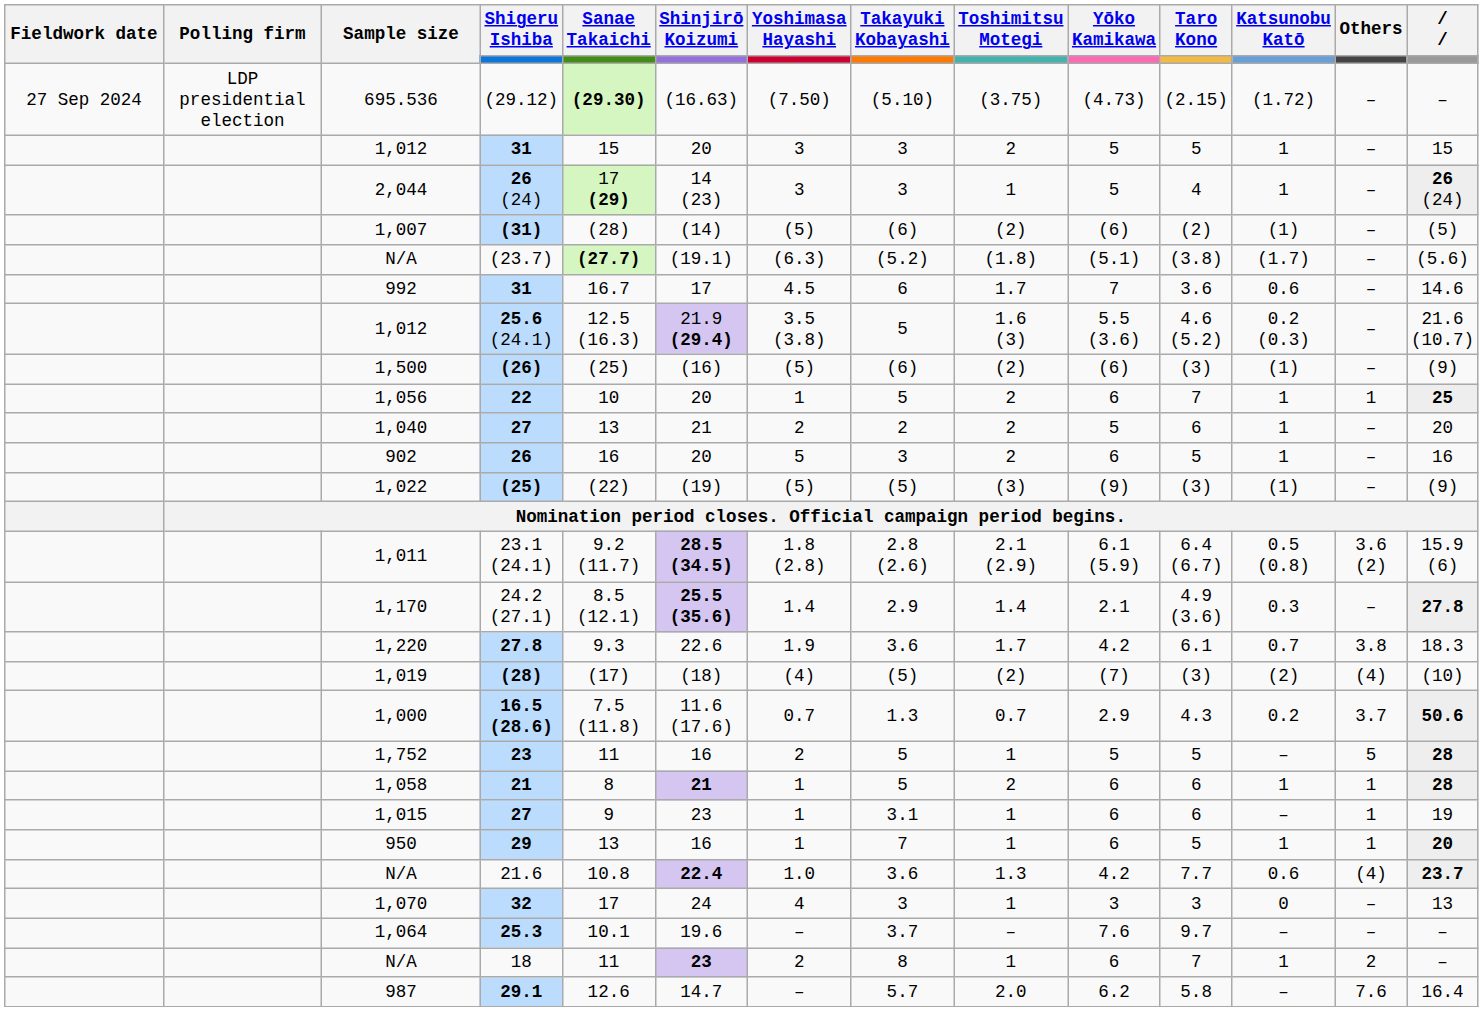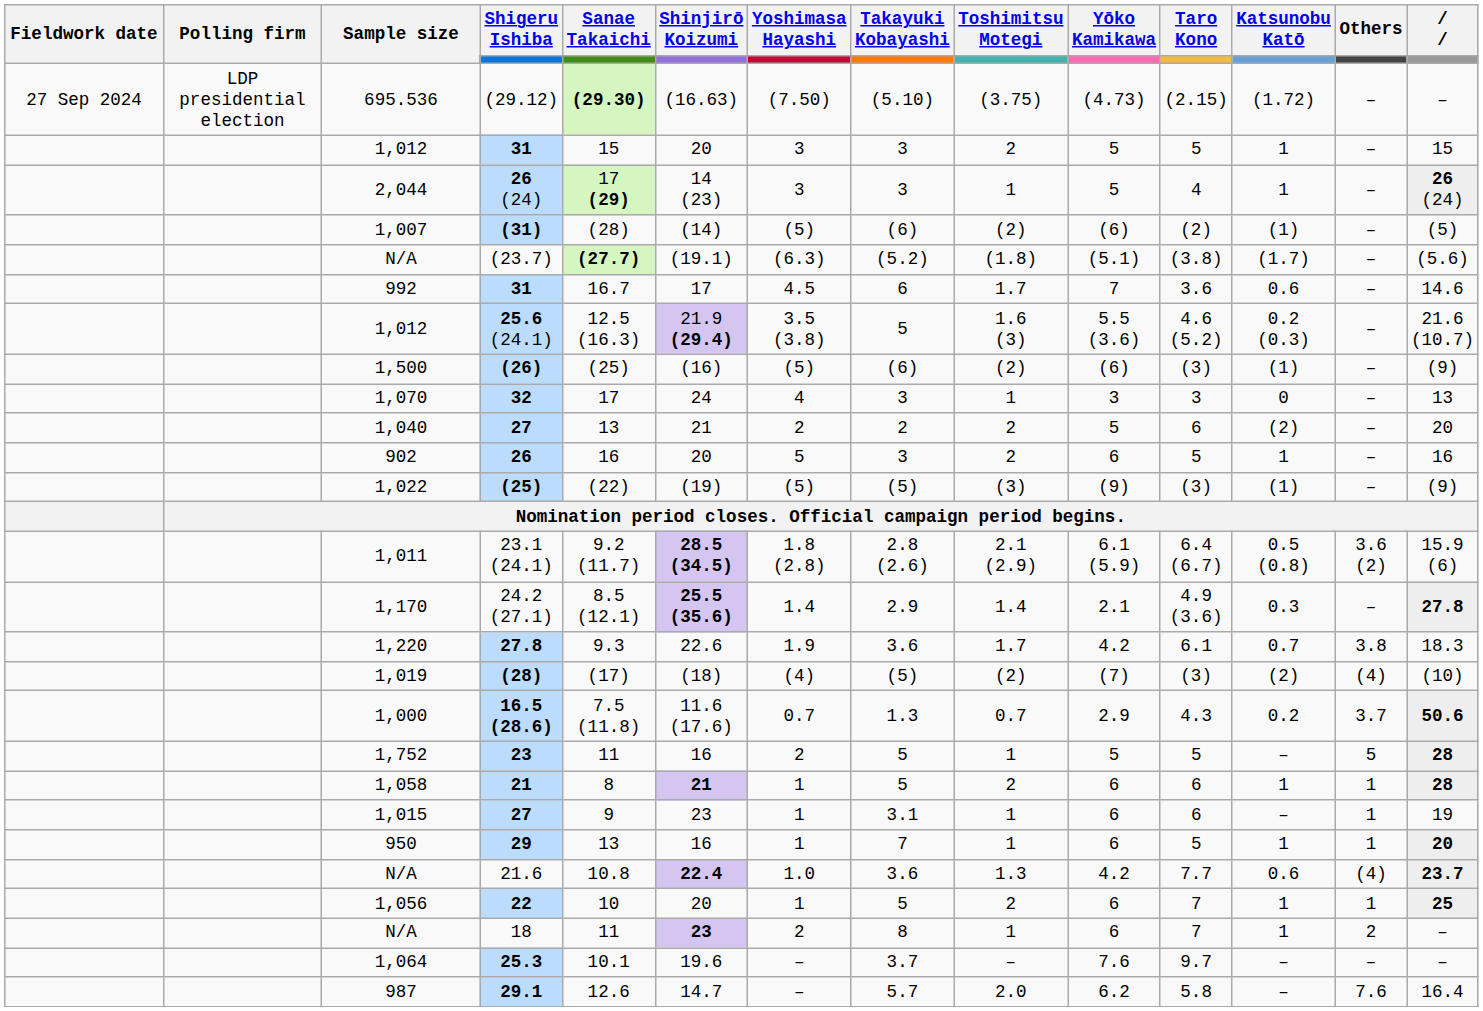 <table class="wikitable mw-datatable sortable mw-collapsible" style="text-align:center;font-size:90%;line-height:14px;">
 <tr>
 <th rowspan="2" class="unsortable" width="100px">Fieldwork date</th>
 <th rowspan="2" class="unsortable" width="100px">Polling firm</th>
 <th rowspan="2" class="unsortable" width="100px">Sample size</th>
 <th class="unsortable"><a href='#'>Shigeru<br>Ishiba</a></th>
 <th class="unsortable"><a href='#'>Sanae<br>Takaichi</a></th>
 <th class="unsortable"><a href='#'>Shinjirō<br>Koizumi</a></th>
 <th class="unsortable"><a href='#'>Yoshimasa<br>Hayashi</a></th>
 <th class="unsortable"><a href='#'>Takayuki<br>Kobayashi</a></th>
 <th class="unsortable"><a href='#'>Toshimitsu<br>Motegi</a></th>
 <th class="unsortable"><a href='#'>Yōko<br>Kamikawa</a></th>
 <th class="unsortable"><a href='#'>Taro<br>Kono</a></th>
 <th class="unsortable"><a href='#'>Katsunobu<br>Katō</a></th>
 <th width="40px" class="unsortable">Others</th>
 <th width="40px" class="unsortable">/<br>/</th>
 </tr>
 <tr>
 <th style="background:#0b75d9"></th>
 <th style="background:#438C15"></th>
 <th style="background:#9370DB"></th>
 <th style="background:#CC0033"></th>
 <th style="background:#FF7900"></th>
 <th style="background:#43b3ae"></th>
 <th style="background:#FF69B4"></th>
 <th style="background:#F2BA42"></th>
 <th style="background:#679fd7"></th>
 <th style="background:#444444"></th>
 <th style="background:#999999"></th>
 </tr>
 <tr>
 <td style="background:">27 Sep 2024</td>
 <td style="background:">LDP presidential election</td>
 <td style="background:">695.536</td>
 <td style="background:">(29.12)</td>
 <td style="background:#d5f6c1"><strong>(29.30)</strong></td>
 <td style="background:">(16.63)</td>
 <td style="background:">(7.50)</td>
 <td style="background:">(5.10)</td>
 <td style="background:">(3.75)</td>
 <td style="background:">(4.73)</td>
 <td style="background:">(2.15)</td>
 <td style="background:">(1.72)</td>
 <td style="background:">–</td>
 <td style="background:">–</td>
 </tr>
 <tr>
 <td></td>
 <td></td>
 <td>1,012</td>
 <td style="background:#bbdcfc"><strong>31</strong></td>
 <td>15</td>
 <td>20</td>
 <td>3</td>
 <td>3</td>
 <td>2</td>
 <td>5</td>
 <td>5</td>
 <td>1</td>
 <td>–</td>
 <td>15</td>
 </tr>
 <tr>
 <td></td>
 <td></td>
 <td>2,044</td>
 <td style="background:#bbdcfc"><strong>26</strong><br>(24)</td>
 <td style="background:#d5f6c1">17<br><strong>(29)</strong></td>
 <td>14<br>(23)</td>
 <td>3</td>
 <td>3</td>
 <td>1</td>
 <td>5</td>
 <td>4</td>
 <td>1</td>
 <td>–</td>
 <td style="background:#EEEEEE;"><strong>26</strong><br>(24)</td>
 </tr>
 <tr>
 <td></td>
 <td></td>
 <td>1,007</td>
 <td style="background:#bbdcfc"><strong>(31)</strong></td>
 <td>(28)</td>
 <td>(14)</td>
 <td>(5)</td>
 <td>(6)</td>
 <td>(2)</td>
 <td>(6)</td>
 <td>(2)</td>
 <td>(1)</td>
 <td>–</td>
 <td>(5)</td>
 </tr>
 <tr>
 <td></td>
 <td></td>
 <td>N/A</td>
 <td>(23.7)</td>
 <td style="background:#d5f6c1"><strong>(27.7)</strong></td>
 <td>(19.1)</td>
 <td>(6.3)</td>
 <td>(5.2)</td>
 <td>(1.8)</td>
 <td>(5.1)</td>
 <td>(3.8)</td>
 <td>(1.7)</td>
 <td>–</td>
 <td>(5.6)</td>
 </tr>
 <tr>
 <td></td>
 <td></td>
 <td>992</td>
 <td style="background:#bbdcfc"><strong>31</strong></td>
 <td>16.7</td>
 <td>17</td>
 <td>4.5</td>
 <td>6</td>
 <td>1.7</td>
 <td>7</td>
 <td>3.6</td>
 <td>0.6</td>
 <td>–</td>
 <td>14.6</td>
 </tr>
 <tr>
 <td></td>
 <td></td>
 <td>1,012</td>
 <td style="background:#bbdcfc"><strong>25.6</strong><br>(24.1)</td>
 <td>12.5<br>(16.3)</td>
 <td style="background:#d4c6f1">21.9<br><strong>(29.4)</strong></td>
 <td>3.5<br>(3.8)</td>
 <td>5</td>
 <td>1.6<br>(3)</td>
 <td>5.5<br>(3.6)</td>
 <td>4.6<br>(5.2)</td>
 <td>0.2<br>(0.3)</td>
 <td>–</td>
 <td>21.6<br>(10.7)</td>
 </tr>
 <tr>
 <td></td>
 <td></td>
 <td>1,500</td>
 <td style="background:#bbdcfc"><strong>(26)</strong></td>
 <td>(25)</td>
 <td>(16)</td>
 <td>(5)</td>
 <td>(6)</td>
 <td>(2)</td>
 <td>(6)</td>
 <td>(3)</td>
 <td>(1)</td>
 <td>–</td>
 <td>(9)</td>
 </tr>
 <tr>
 <td></td>
 <td></td>
-<td>1,056</td>
-<td style="background:#bbdcfc"><strong>22</strong></td>
-<td>10</td>
-<td>20</td>
+<td>1,070</td>
+<td style="background:#bbdcfc"><strong>32</strong></td>
+<td>17</td>
+<td>24</td>
+<td>4</td>
+<td>3</td>
 <td>1</td>
-<td>5</td>
-<td>2</td>
-<td>6</td>
-<td>7</td>
-<td>1</td>
-<td>1</td>
-<td style="background:#EEEEEE;"><strong>25</strong></td>
+<td>3</td>
+<td>3</td>
+<td>0</td>
+<td>–</td>
+<td>13</td>
 </tr>
 <tr>
 <td></td>
 <td></td>
 <td>1,040</td>
 <td style="background:#bbdcfc"><strong>27</strong></td>
 <td>13</td>
 <td>21</td>
 <td>2</td>
 <td>2</td>
 <td>2</td>
 <td>5</td>
 <td>6</td>
-<td>1</td>
+<td>(2)</td>
 <td>–</td>
 <td>20</td>
 </tr>
 <tr>
 <td></td>
 <td></td>
 <td>902</td>
 <td style="background:#bbdcfc"><strong>26</strong></td>
 <td>16</td>
 <td>20</td>
 <td>5</td>
 <td>3</td>
 <td>2</td>
 <td>6</td>
 <td>5</td>
 <td>1</td>
 <td>–</td>
 <td>16</td>
 </tr>
 <tr>
 <td></td>
 <td></td>
 <td>1,022</td>
 <td style="background:#bbdcfc"><strong>(25)</strong></td>
 <td>(22)</td>
 <td>(19)</td>
 <td>(5)</td>
 <td>(5)</td>
 <td>(3)</td>
 <td>(9)</td>
 <td>(3)</td>
 <td>(1)</td>
 <td>–</td>
 <td>(9)</td>
 </tr>
 <tr>
 <th></th>
 <th colspan="13">Nomination period closes. Official campaign period begins.</th>
 </tr>
 <tr>
 <td></td>
 <td></td>
 <td>1,011</td>
 <td>23.1<br>(24.1)</td>
 <td>9.2<br>(11.7)</td>
 <td style="background:#d4c6f1"><strong>28.5</strong><br><strong>(34.5)</strong></td>
 <td>1.8<br>(2.8)</td>
 <td>2.8<br>(2.6)</td>
 <td>2.1<br>(2.9)</td>
 <td>6.1<br>(5.9)</td>
 <td>6.4<br>(6.7)</td>
 <td>0.5<br>(0.8)</td>
 <td>3.6<br>(2)</td>
 <td>15.9<br>(6)</td>
 </tr>
 <tr>
 <td></td>
 <td></td>
 <td>1,170</td>
 <td>24.2<br>(27.1)</td>
 <td>8.5<br>(12.1)</td>
 <td style="background:#d4c6f1"><strong>25.5</strong><br><strong>(35.6)</strong></td>
 <td>1.4</td>
 <td>2.9</td>
 <td>1.4</td>
 <td>2.1</td>
 <td>4.9<br>(3.6)</td>
 <td>0.3</td>
 <td>–</td>
 <td style="background:#EEEEEE;"><strong>27.8</strong></td>
 </tr>
 <tr>
 <td></td>
 <td></td>
 <td>1,220</td>
 <td style="background:#bbdcfc"><strong>27.8</strong></td>
 <td>9.3</td>
 <td>22.6</td>
 <td>1.9</td>
 <td>3.6</td>
 <td>1.7</td>
 <td>4.2</td>
 <td>6.1</td>
 <td>0.7</td>
 <td>3.8</td>
 <td>18.3</td>
 </tr>
 <tr>
 <td></td>
 <td></td>
 <td>1,019<strong></strong></td>
 <td style="background:#bbdcfc"><strong>(28)</strong></td>
 <td>(17)</td>
 <td>(18)</td>
 <td>(4)</td>
 <td>(5)</td>
 <td>(2)</td>
 <td>(7)</td>
 <td>(3)</td>
 <td>(2)</td>
 <td>(4)</td>
 <td>(10)</td>
 </tr>
 <tr>
 <td></td>
 <td></td>
 <td>1,000</td>
 <td style="background:#bbdcfc"><strong>16.5</strong><br><strong>(28.6)</strong></td>
 <td>7.5<br>(11.8)</td>
 <td>11.6<br>(17.6)</td>
 <td>0.7</td>
 <td>1.3</td>
 <td>0.7</td>
 <td>2.9</td>
 <td>4.3</td>
 <td>0.2</td>
 <td>3.7</td>
 <td style="background:#EEEEEE;"><strong>50.6</strong></td>
 </tr>
 <tr>
 <td></td>
 <td></td>
 <td>1,752</td>
 <td style="background:#bbdcfc"><strong>23</strong></td>
 <td>11</td>
 <td>16</td>
 <td>2</td>
 <td>5</td>
 <td>1</td>
 <td>5</td>
 <td>5</td>
 <td>–</td>
 <td>5</td>
 <td style="background:#EEEEEE;"><strong>28</strong></td>
 </tr>
 <tr>
 <td></td>
 <td></td>
 <td>1,058</td>
 <td style="background:#bbdcfc"><strong>21</strong></td>
 <td>8</td>
 <td style="background:#d4c6f1"><strong>21</strong></td>
 <td>1</td>
 <td>5</td>
 <td>2</td>
 <td>6</td>
 <td>6</td>
 <td>1</td>
 <td>1</td>
 <td style="background:#EEEEEE;"><strong>28</strong></td>
 </tr>
 <tr>
 <td></td>
 <td></td>
 <td>1,015</td>
 <td style="background:#bbdcfc"><strong>27</strong></td>
 <td>9</td>
 <td>23</td>
 <td>1</td>
 <td>3.1</td>
 <td>1</td>
 <td>6</td>
 <td>6</td>
 <td>–</td>
 <td>1</td>
 <td>19</td>
 </tr>
 <tr>
 <td></td>
 <td></td>
 <td>950</td>
 <td style="background:#bbdcfc"><strong>29</strong></td>
 <td>13</td>
 <td>16</td>
 <td>1</td>
 <td>7</td>
 <td>1</td>
 <td>6</td>
 <td>5</td>
 <td>1</td>
 <td>1</td>
 <td style="background:#EEEEEE;"><strong>20</strong></td>
 </tr>
 <tr>
 <td></td>
 <td></td>
 <td>N/A</td>
 <td>21.6</td>
 <td>10.8</td>
 <td style="background:#d4c6f1"><strong>22.4</strong></td>
 <td>1.0</td>
 <td>3.6</td>
 <td>1.3</td>
 <td>4.2</td>
 <td>7.7</td>
 <td>0.6</td>
 <td>(4)</td>
 <td style="background:#EEEEEE;"><strong>23.7</strong></td>
 </tr>
 <tr>
 <td></td>
 <td></td>
-<td>1,070</td>
-<td style="background:#bbdcfc"><strong>32</strong></td>
-<td>17</td>
-<td>24</td>
-<td>4</td>
-<td>3</td>
+<td>1,056</td>
+<td style="background:#bbdcfc"><strong>22</strong></td>
+<td>10</td>
+<td>20</td>
 <td>1</td>
-<td>3</td>
-<td>3</td>
-<td>0</td>
+<td>5</td>
+<td>2</td>
+<td>6</td>
+<td>7</td>
+<td>1</td>
+<td>1</td>
+<td style="background:#EEEEEE;"><strong>25</strong></td>
+</tr>
+<tr>
+<td></td>
+<td></td>
+<td>N/A</td>
+<td>18</td>
+<td>11</td>
+<td style="background:#d4c6f1"><strong>23</strong></td>
+<td>2</td>
+<td>8</td>
+<td>1</td>
+<td>6</td>
+<td>7</td>
+<td>1</td>
+<td>2</td>
 <td>–</td>
-<td>13</td>
 </tr>
 <tr>
 <td></td>
 <td></td>
 <td>1,064</td>
 <td style="background:#bbdcfc"><strong>25.3</strong></td>
 <td>10.1</td>
 <td>19.6</td>
 <td>–</td>
 <td>3.7</td>
 <td>–</td>
 <td>7.6</td>
 <td>9.7</td>
 <td>–</td>
 <td>–</td>
-<td>–</td>
-</tr>
-<tr>
-<td></td>
-<td></td>
-<td>N/A</td>
-<td>18</td>
-<td>11</td>
-<td style="background:#d4c6f1"><strong>23</strong></td>
-<td>2</td>
-<td>8</td>
-<td>1</td>
-<td>6</td>
-<td>7</td>
-<td>1</td>
-<td>2</td>
 <td>–</td>
 </tr>
 <tr>
 <td></td>
 <td></td>
 <td>987</td>
 <td style="background:#bbdcfc"><strong>29.1</strong></td>
 <td>12.6</td>
 <td>14.7</td>
 <td>–</td>
 <td>5.7</td>
 <td>2.0</td>
 <td>6.2</td>
 <td>5.8</td>
 <td>–</td>
 <td>7.6</td>
 <td>16.4</td>
 </tr>
 <tr>
 </tr>
 </table>
